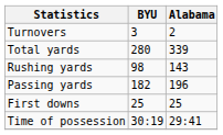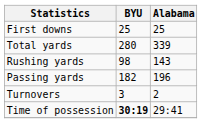 <table class="wikitable" style="float: left;">
 <tr>
 <th>Statistics</th>
 <th style=>BYU</th>
 <th>Alabama</th>
 </tr>
 <tr>
-<td>Turnovers</td>
-<td>3</td>
-<td>2</td>
+<td>First downs</td>
+<td>25</td>
+<td>25</td>
 </tr>
 <tr>
 <td>Total yards</td>
 <td>280</td>
 <td>339</td>
 </tr>
 <tr>
 <td>Rushing yards</td>
 <td>98</td>
 <td>143</td>
 </tr>
 <tr>
 <td>Passing yards</td>
 <td>182</td>
 <td>196</td>
 </tr>
 <tr>
-<td>First downs</td>
-<td>25</td>
-<td>25</td>
+<td>Turnovers</td>
+<td>3</td>
+<td>2</td>
 </tr>
 <tr>
 <td>Time of possession</td>
-<td>30:19</td>
+<td><strong>30:19</strong></td>
 <td>29:41</td>
 </tr>
 <tr>
 </tr>
 </table>
